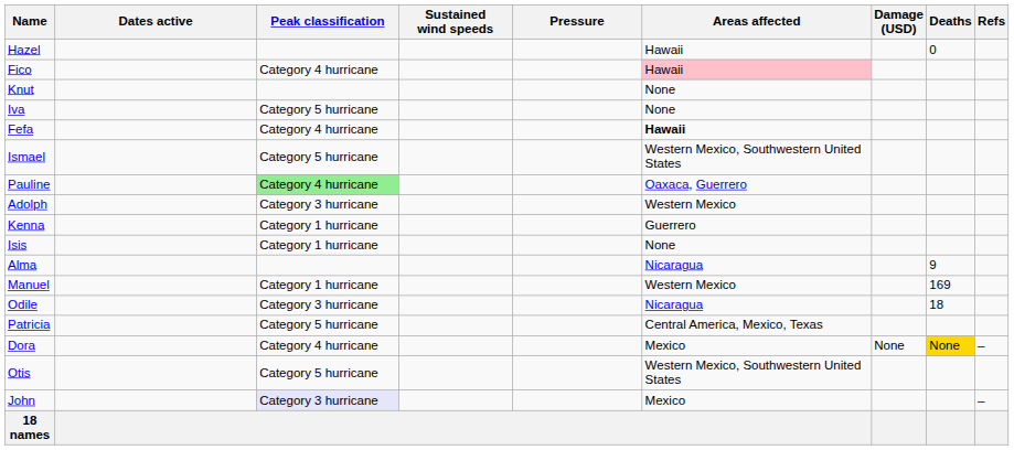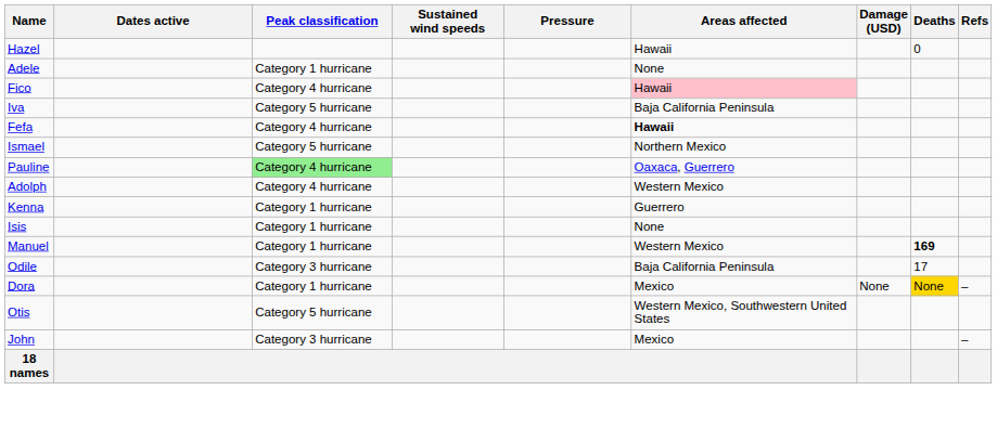 <table class="wikitable sortable" width="100%">
 <tr>
 <th scope="col" width="5%">Name</th>
 <th scope="col" width="22.5%">Dates active</th>
 <th scope="col" width="15%"><a href='#'>Peak classification</a></th>
 <th scope="col" width="12%">Sustained<br>wind speeds</th>
 <th scope="col" width="14%">Pressure</th>
 <th scope="col" width="25%" class="unsortable">Areas affected</th>
 <th scope="col" width="5%">Damage<br>(USD)</th>
 <th scope="col" width="5%">Deaths</th>
 <th scope="col" width="5%" class="unsortable">Refs</th>
 </tr>
 <tr>
 <td><a href='#'>Hazel</a></td>
 <td></td>
 <td></td>
 <td></td>
 <td></td>
 <td>Hawaii</td>
 <td></td>
 <td>0</td>
 <td></td>
 </tr>
 <tr>
+<td><a href='#'>Adele</a></td>
+<td></td>
+<td>Category 1 hurricane</td>
+<td></td>
+<td></td>
+<td>None</td>
+<td></td>
+<td></td>
+<td></td>
+</tr>
+<tr>
 <td><a href='#'>Fico</a></td>
 <td></td>
 <td>Category 4 hurricane</td>
 <td></td>
 <td></td>
 <td style="background: pink;">Hawaii</td>
 <td></td>
 <td></td>
 <td></td>
 </tr>
 <tr>
-<td><a href='#'>Knut</a></td>
-<td></td>
-<td></td>
-<td></td>
-<td></td>
-<td>None</td>
-<td></td>
-<td></td>
-<td></td>
-</tr>
-<tr>
 <td><a href='#'>Iva</a></td>
 <td></td>
 <td>Category 5 hurricane</td>
 <td></td>
 <td></td>
-<td>None</td>
+<td>Baja California Peninsula</td>
 <td></td>
 <td></td>
 <td></td>
 </tr>
 <tr>
 <td><a href='#'>Fefa</a></td>
 <td></td>
 <td>Category 4 hurricane</td>
 <td></td>
 <td></td>
 <td><strong>Hawaii</strong></td>
 <td></td>
 <td></td>
 <td></td>
 </tr>
 <tr>
 <td><a href='#'>Ismael</a></td>
 <td></td>
 <td>Category 5 hurricane</td>
 <td></td>
 <td></td>
-<td>Western Mexico, Southwestern United States</td>
+<td>Northern Mexico</td>
 <td></td>
 <td></td>
 <td></td>
 </tr>
 <tr>
 <td><a href='#'>Pauline</a></td>
 <td></td>
 <td style="background: lightgreen;">Category 4 hurricane</td>
 <td></td>
 <td></td>
 <td><a href='#'>Oaxaca</a>, <a href='#'>Guerrero</a></td>
 <td></td>
 <td></td>
 <td></td>
 </tr>
 <tr>
 <td><a href='#'>Adolph</a></td>
 <td></td>
-<td>Category 3 hurricane</td>
+<td>Category 4 hurricane</td>
 <td></td>
 <td></td>
 <td>Western Mexico</td>
 <td></td>
 <td></td>
 <td></td>
 </tr>
 <tr>
 <td><a href='#'>Kenna</a></td>
 <td></td>
 <td>Category 1 hurricane</td>
 <td></td>
 <td></td>
 <td>Guerrero</td>
 <td></td>
 <td></td>
 <td></td>
 </tr>
 <tr>
 <td><a href='#'>Isis</a></td>
 <td></td>
 <td>Category 1 hurricane</td>
 <td></td>
 <td></td>
 <td>None</td>
 <td></td>
 <td></td>
 <td></td>
 </tr>
 <tr>
-<td><a href='#'>Alma</a></td>
-<td></td>
-<td></td>
-<td></td>
-<td></td>
-<td><a href='#'>Nicaragua</a></td>
-<td></td>
-<td>9</td>
-<td></td>
-</tr>
-<tr>
 <td><a href='#'>Manuel</a></td>
 <td></td>
 <td>Category 1 hurricane</td>
 <td></td>
 <td></td>
 <td>Western Mexico</td>
 <td></td>
-<td>169</td>
+<td><strong>169</strong></td>
 <td></td>
 </tr>
 <tr>
 <td><a href='#'>Odile</a></td>
 <td></td>
 <td>Category 3 hurricane</td>
 <td></td>
 <td></td>
-<td><a href='#'>Nicaragua</a></td>
+<td>Baja California Peninsula</td>
 <td></td>
-<td>18</td>
-<td></td>
-</tr>
-<tr>
-<td><a href='#'>Patricia</a></td>
-<td></td>
-<td>Category 5 hurricane</td>
-<td></td>
-<td></td>
-<td>Central America, Mexico, Texas</td>
-<td></td>
-<td></td>
+<td>17</td>
 <td></td>
 </tr>
 <tr>
 <td><a href='#'>Dora</a></td>
 <td></td>
-<td>Category 4 hurricane</td>
+<td>Category 1 hurricane</td>
 <td></td>
 <td></td>
 <td>Mexico</td>
 <td>None</td>
 <td style="background: gold;">None</td>
 <td>–</td>
 </tr>
 <tr>
 <td><a href='#'>Otis</a></td>
 <td></td>
 <td>Category 5 hurricane</td>
 <td></td>
 <td></td>
 <td>Western Mexico, Southwestern United States</td>
 <td></td>
 <td></td>
 <td></td>
 </tr>
 <tr>
 <td><a href='#'>John</a></td>
 <td></td>
-<td style="background: lavender;">Category 3 hurricane</td>
+<td>Category 3 hurricane</td>
 <td></td>
 <td></td>
 <td>Mexico</td>
 <td></td>
 <td></td>
 <td>–</td>
 </tr>
 <tr class="sortbottom">
 <th>18 names</th>
 <th colspan="5"></th>
 <th></th>
 <th></th>
 <th></th>
 </tr>
 </table>
